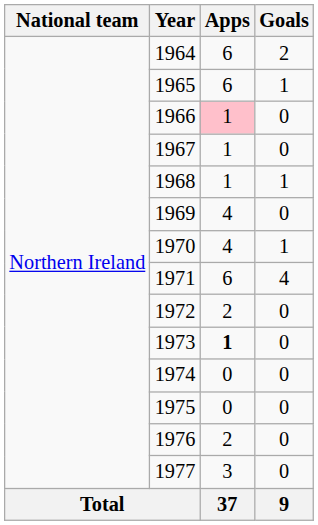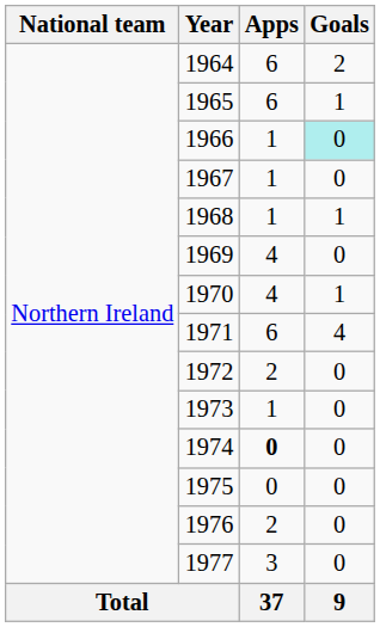 <table class="wikitable" style="text-align:center">
 <tr>
 <th>National team</th>
 <th>Year</th>
 <th>Apps</th>
 <th>Goals</th>
 </tr>
 <tr>
 <td rowspan="14"><a href='#'>Northern Ireland</a></td>
 <td>1964</td>
 <td>6</td>
 <td>2</td>
 </tr>
 <tr>
 <td>1965</td>
 <td>6</td>
 <td>1</td>
 </tr>
 <tr>
 <td>1966</td>
-<td style="background: pink;">1</td>
-<td>0</td>
+<td>1</td>
+<td style="background: paleturquoise;">0</td>
 </tr>
 <tr>
 <td>1967</td>
 <td>1</td>
 <td>0</td>
 </tr>
 <tr>
 <td>1968</td>
 <td>1</td>
 <td>1</td>
 </tr>
 <tr>
 <td>1969</td>
 <td>4</td>
 <td>0</td>
 </tr>
 <tr>
 <td>1970</td>
 <td>4</td>
 <td>1</td>
 </tr>
 <tr>
 <td>1971</td>
 <td>6</td>
 <td>4</td>
 </tr>
 <tr>
 <td>1972</td>
 <td>2</td>
 <td>0</td>
 </tr>
 <tr>
 <td>1973</td>
-<td><strong>1</strong></td>
+<td>1</td>
 <td>0</td>
 </tr>
 <tr>
 <td>1974</td>
-<td>0</td>
+<td><strong>0</strong></td>
 <td>0</td>
 </tr>
 <tr>
 <td>1975</td>
 <td>0</td>
 <td>0</td>
 </tr>
 <tr>
 <td>1976</td>
 <td>2</td>
 <td>0</td>
 </tr>
 <tr>
 <td>1977</td>
 <td>3</td>
 <td>0</td>
 </tr>
 <tr>
 <th colspan="2">Total</th>
 <th>37</th>
 <th>9</th>
 </tr>
 </table>
